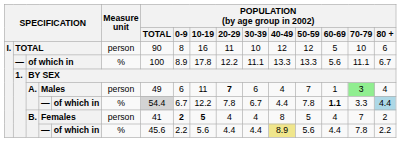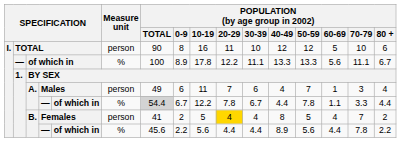 <table class="wikitable" style="font-size:85%; text-align:center">
 <tr>
 <th rowspan="2" colspan="5">SPECIFICATION</th>
 <th rowspan="2">Measure<br> unit</th>
 <th colspan="10" rowspan="1">POPULATION<br> (by age group in 2002)</th>
 </tr>
 <tr>
 <th>TOTAL</th>
 <th>0-9</th>
 <th>10-19</th>
 <th>20-29</th>
 <th>30-39</th>
 <th>40-49</th>
 <th>50-59</th>
 <th>60-69</th>
 <th>70-79</th>
 <th>80 +</th>
 </tr>
 <tr>
 <th style="text-align:left" valign="top" rowspan="7">I.</th>
 <th style="text-align:left" colspan="4">TOTAL</th>
 <td>person</td>
 <td>90</td>
 <td>8</td>
 <td>16</td>
 <td>11</td>
 <td>10</td>
 <td>12</td>
 <td>12</td>
 <td>5</td>
 <td>10</td>
 <td>6</td>
 </tr>
 <tr>
 <th style="text-align:left" valign="top">—</th>
 <th style="text-align:left" colspan="3">of which in</th>
 <td>%</td>
 <td>100</td>
 <td>8.9</td>
 <td>17.8</td>
 <td>12.2</td>
 <td>11.1</td>
 <td>13.3</td>
 <td>13.3</td>
 <td>5.6</td>
 <td>11.1</td>
 <td>6.7</td>
 </tr>
 <tr>
 <th style="text-align:left" valign="top" rowspan="5">1.</th>
 <th style="text-align:left" colspan="14">BY SEX</th>
 </tr>
 <tr>
 <th style="text-align:left" valign="top" rowspan="2">A.</th>
 <th style="text-align:left" colspan="2">Males</th>
 <td>person</td>
 <td>49</td>
 <td>6</td>
 <td>11</td>
-<td><strong>7</strong></td>
+<td>7</td>
 <td>6</td>
 <td>4</td>
 <td>7</td>
 <td>1</td>
-<td style="background: lightgreen;">3</td>
+<td>3</td>
 <td>4</td>
 </tr>
 <tr>
 <th style="text-align:left" valign="top">—</th>
 <th style="text-align:left" colspan="1">of which in</th>
 <td>%</td>
 <td style="background: lightgrey;">54.4</td>
 <td>6.7</td>
 <td>12.2</td>
 <td>7.8</td>
 <td>6.7</td>
 <td>4.4</td>
 <td>7.8</td>
-<td><strong>1.1</strong></td>
+<td>1.1</td>
 <td>3.3</td>
-<td style="background: lightblue;">4.4</td>
+<td>4.4</td>
 </tr>
 <tr>
 <th style="text-align:left" valign="top" rowspan="2">B.</th>
 <th style="text-align:left" colspan="2">Females</th>
 <td>person</td>
 <td>41</td>
-<td><strong>2</strong></td>
-<td><strong>5</strong></td>
-<td>4</td>
+<td>2</td>
+<td>5</td>
+<td style="background: gold;">4</td>
 <td>4</td>
 <td>8</td>
 <td>5</td>
 <td>4</td>
 <td>7</td>
 <td>2</td>
 </tr>
 <tr>
 <th style="text-align:left" valign="top">—</th>
 <th style="text-align:left" colspan="1">of which in</th>
 <td>%</td>
 <td>45.6</td>
 <td>2.2</td>
 <td>5.6</td>
 <td>4.4</td>
 <td>4.4</td>
-<td style="background: khaki;">8.9</td>
+<td>8.9</td>
 <td>5.6</td>
 <td>4.4</td>
 <td>7.8</td>
 <td>2.2</td>
 </tr>
 </table>
